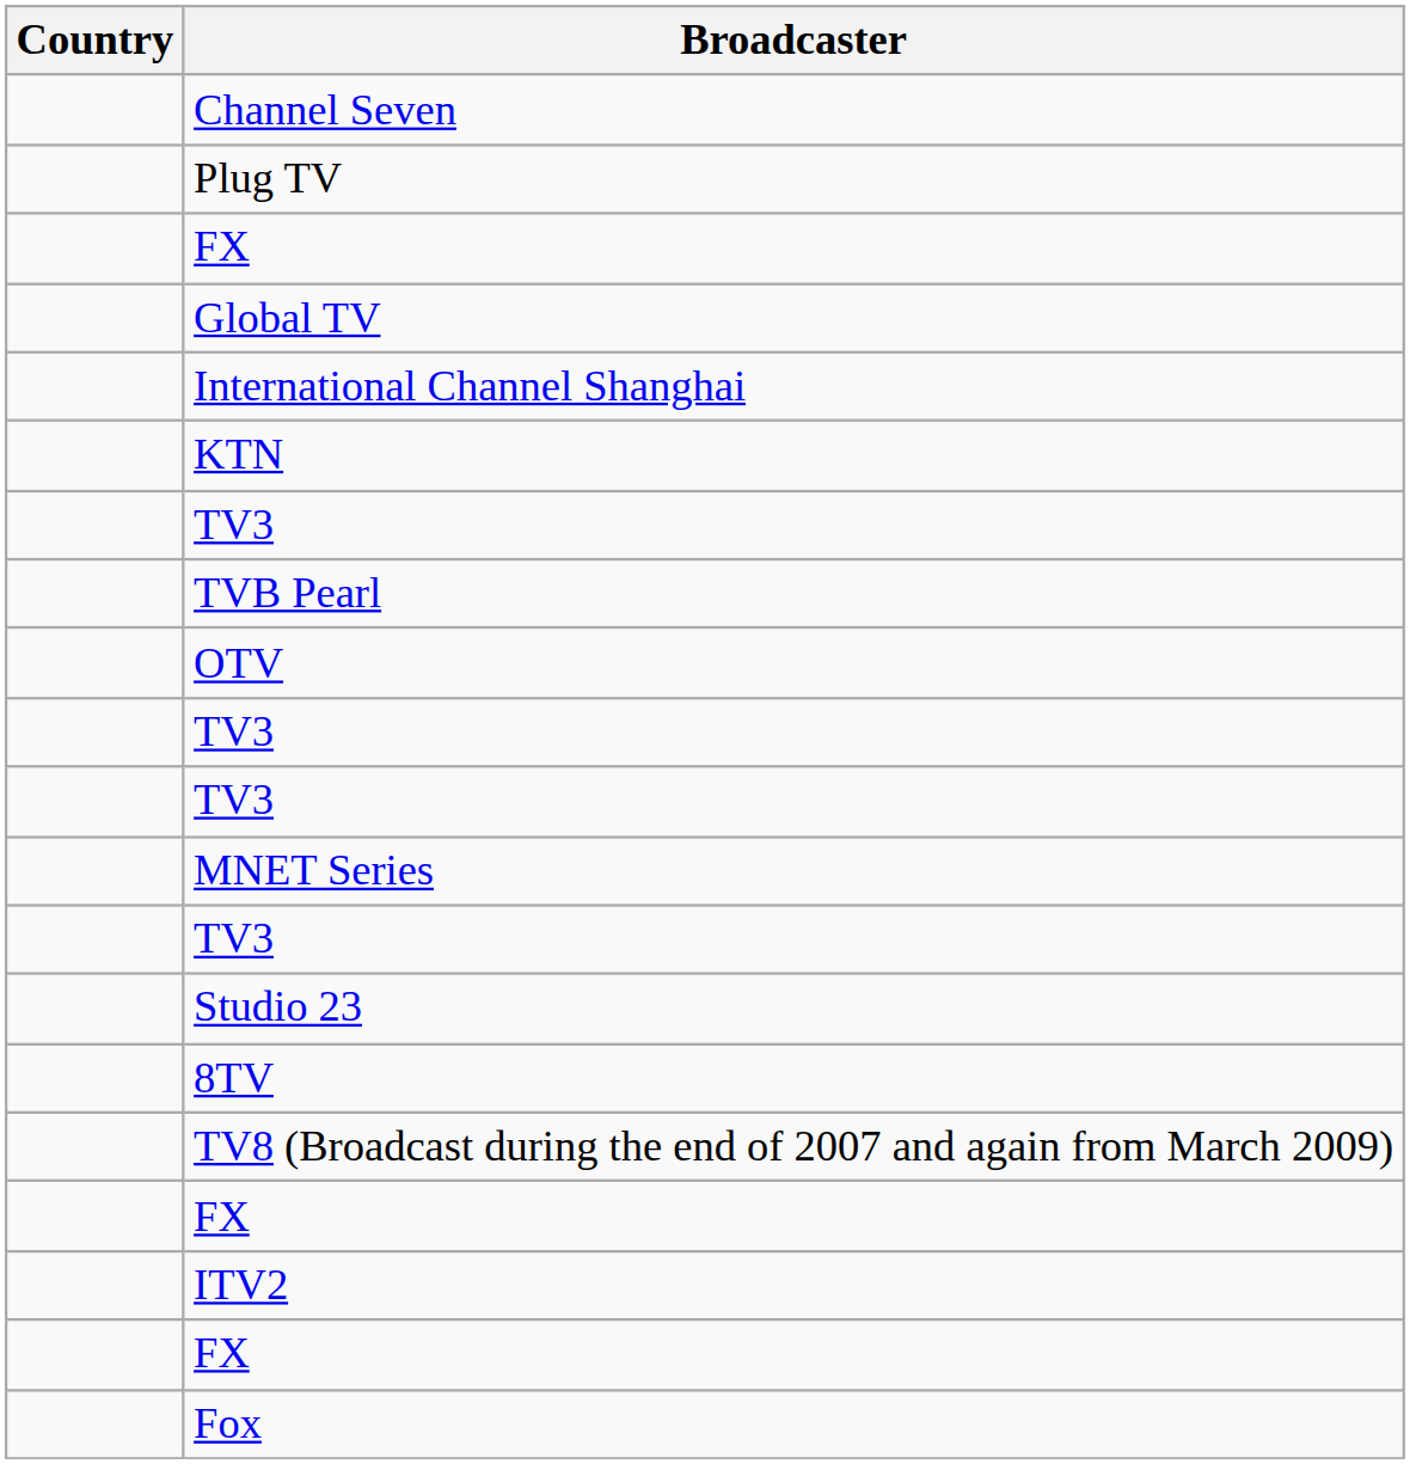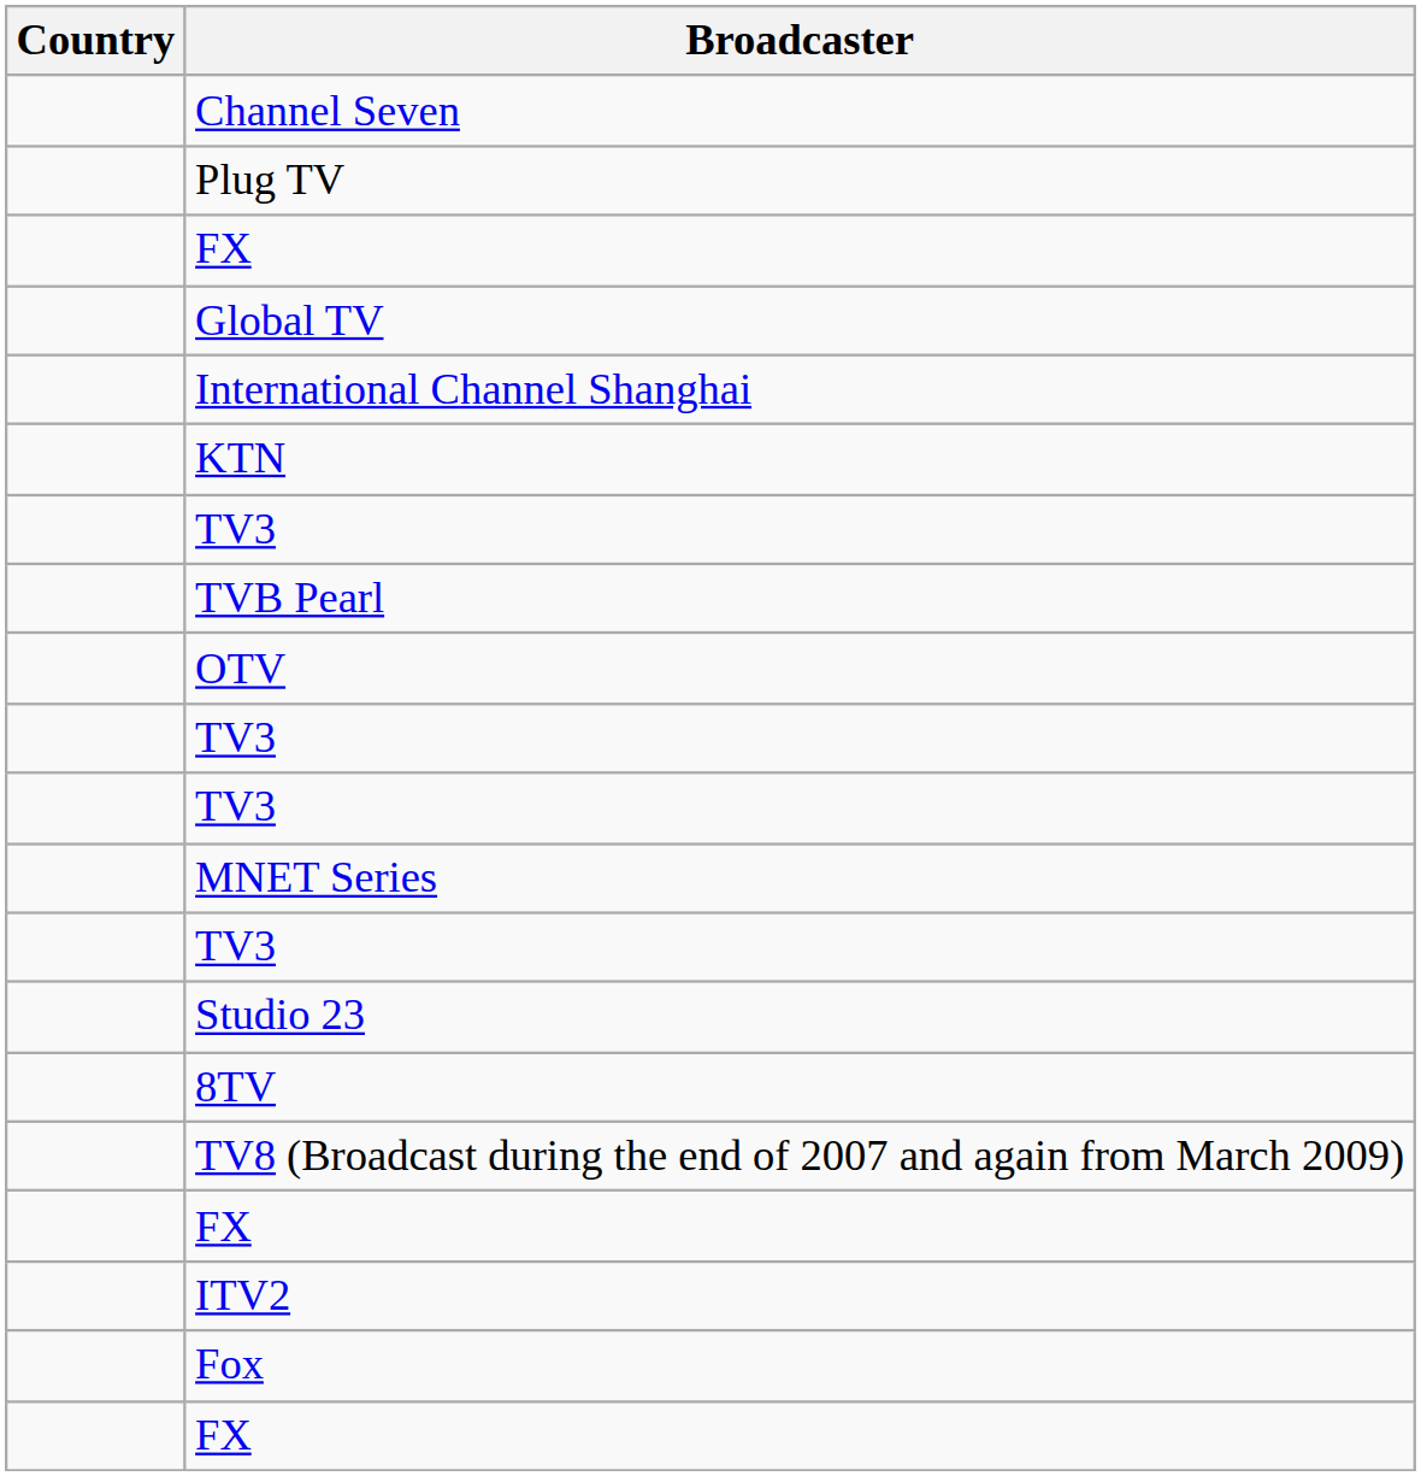 <table class="wikitable">
 <tr>
 <th>Country</th>
 <th>Broadcaster</th>
 </tr>
 <tr>
 <td></td>
 <td><a href='#'>Channel Seven</a></td>
 </tr>
 <tr>
 <td></td>
 <td>Plug TV</td>
 </tr>
 <tr>
 <td></td>
 <td><a href='#'>FX</a></td>
 </tr>
 <tr>
 <td></td>
 <td><a href='#'>Global TV</a></td>
 </tr>
 <tr>
 <td></td>
 <td><a href='#'>International Channel Shanghai</a></td>
 </tr>
 <tr>
 <td></td>
 <td><a href='#'>KTN</a></td>
 </tr>
 <tr>
 <td></td>
 <td><a href='#'>TV3</a></td>
 </tr>
 <tr>
 <td></td>
 <td><a href='#'>TVB Pearl</a></td>
 </tr>
 <tr>
 <td></td>
 <td><a href='#'>OTV</a></td>
 </tr>
 <tr>
 <td></td>
 <td><a href='#'>TV3</a></td>
 </tr>
 <tr>
 <td></td>
 <td><a href='#'>TV3</a></td>
 </tr>
 <tr>
 <td></td>
 <td><a href='#'>MNET Series</a></td>
 </tr>
 <tr>
 <td></td>
 <td><a href='#'>TV3</a></td>
 </tr>
 <tr>
 <td></td>
 <td><a href='#'>Studio 23</a></td>
 </tr>
 <tr>
 <td></td>
 <td><a href='#'>8TV</a></td>
 </tr>
 <tr>
 <td></td>
 <td><a href='#'>TV8</a> (Broadcast during the end of 2007 and again from March 2009)</td>
 </tr>
 <tr>
 <td></td>
 <td><a href='#'>FX</a></td>
 </tr>
 <tr>
 <td></td>
 <td><a href='#'>ITV2</a></td>
 </tr>
 <tr>
 <td></td>
-<td><a href='#'>FX</a></td>
+<td><a href='#'>Fox</a></td>
 </tr>
 <tr>
 <td></td>
-<td><a href='#'>Fox</a></td>
+<td><a href='#'>FX</a></td>
 </tr>
 </table>
